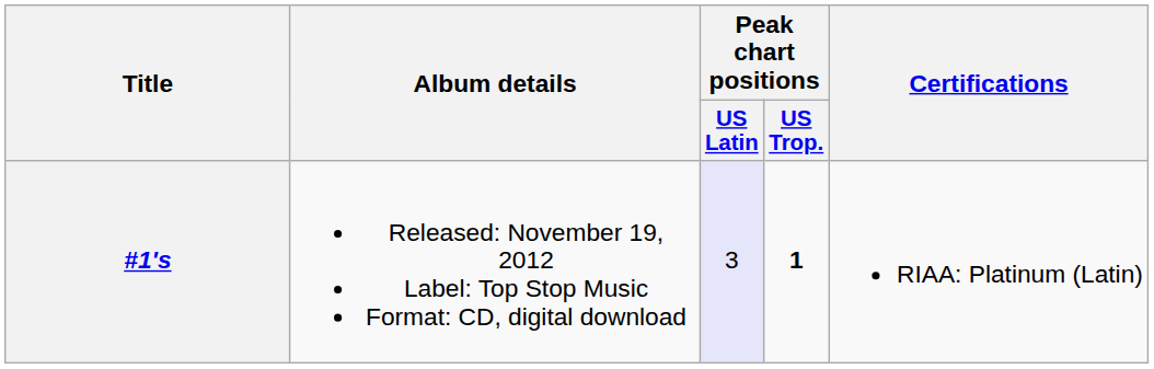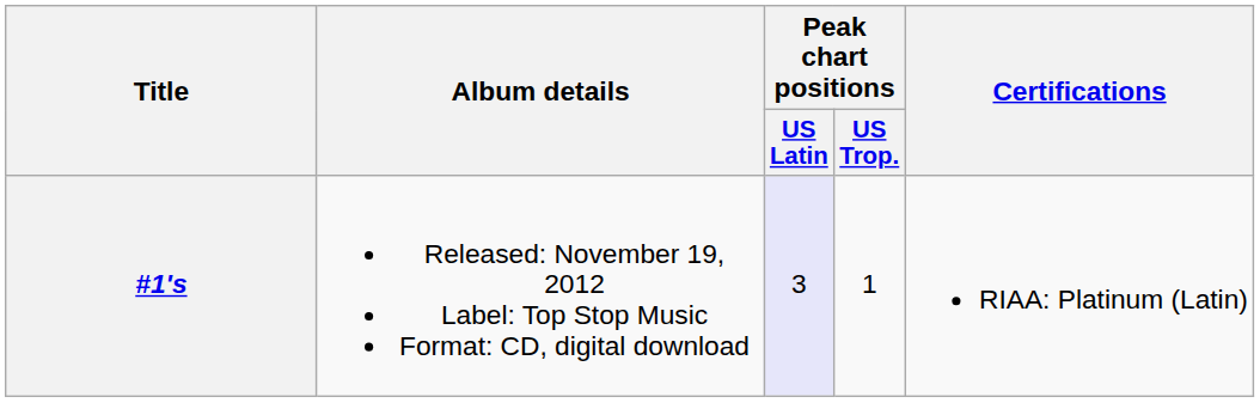 <table class="wikitable plainrowheaders" style="text-align:center;">
 <tr>
 <th scope="col" rowspan="2" style="width:11em;">Title</th>
 <th scope="col" rowspan="2" style="width:16em;">Album details</th>
 <th scope="col" colspan="2">Peak chart positions</th>
 <th scope="col" rowspan="2" style="width11em;"><a href='#'>Certifications</a></th>
 </tr>
 <tr>
 <th scope="col" style="width:2.2em;font-size:90%;"><a href='#'>US<br>Latin</a><br></th>
 <th scope="col" style="width:2.2em;font-size:90%;"><a href='#'>US<br>Trop.</a><br></th>
 </tr>
 <tr>
 <th scope="row" align="center"><em><a href='#'>#1's</a></em></th>
 <td><br><ul><li>Released: November 19, 2012</li><li>Label: Top Stop Music</li><li>Format: CD, digital download</li></ul></td>
 <td style="background: lavender;">3</td>
-<td><strong>1</strong></td>
+<td>1</td>
 <td><br><ul><li>RIAA: Platinum <span>(Latin)</span></li></ul></td>
 </tr>
 </table>
